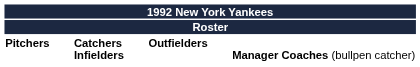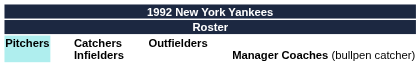 <table class="toccolours" style="font-size: 95%;">
 <tr>
 <th colspan="10" style="background-color: #1c2841; color: white; text-align: center;">1992 New York Yankees</th>
 </tr>
 <tr>
 <td colspan="10" style="background-color:#1c2841; color: white; text-align: center;"><strong>Roster</strong></td>
 </tr>
 <tr>
-<td valign="top"><strong>Pitchers</strong><br>                  </td>
+<td valign="top" style="background: paleturquoise;"><strong>Pitchers</strong><br>                  </td>
 <td width="25px"></td>
 <td valign="top"><strong>Catchers</strong><br>   <strong>Infielders</strong>          </td>
 <td width="25px"></td>
 <td valign="top"><strong>Outfielders</strong><br>       </td>
 <td width="25px"></td>
 <td valign="top"><br><strong>Manager</strong>  <strong>Coaches</strong>        (bullpen catcher)</td>
 </tr>
 </table>
